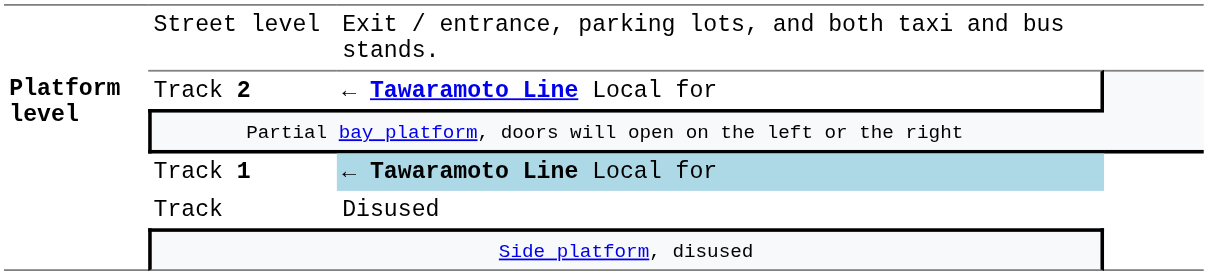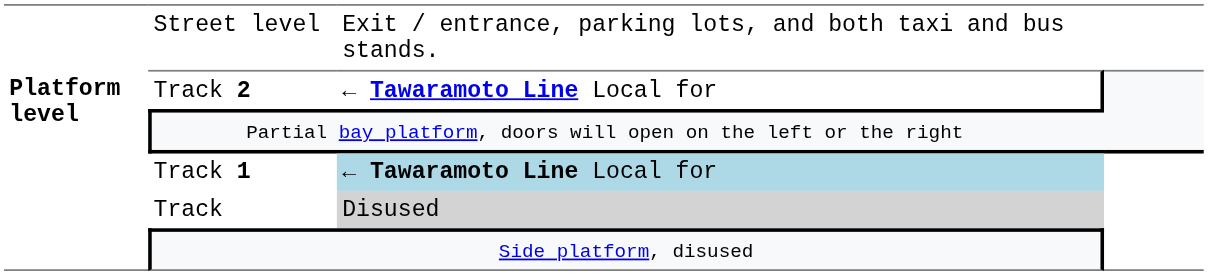 <table border=0 cellspacing=0 cellpadding=3>
 <tr>
 <td style="border-top: 1px solid gray;" width=75></td>
 <td style="border-top: 1px solid gray;" width=100 valign=top>Street level</td>
 <td style="border-top: 1px solid gray;" width=425 valign=top>Exit / entrance, parking lots, and both taxi and bus stands.</td>
 <td style="border-top: 1px solid gray;" width=50></td>
 </tr>
 <tr>
 <td style="border-bottom: 1px solid gray;" rowspan=5 valign=top><strong>Platform level</strong></td>
 <td style="border-top: 1px solid gray;">Track <strong>2</strong></td>
 <td style="border-top: 1px solid gray; border-right: 2px solid black;">←  <strong><a href='#'>Tawaramoto Line</a></strong>  Local for </td>
 <td style="border-top: 1px solid gray; background-color:#f8f9fa;"></td>
 </tr>
 <tr>
 <td style="border-top: 2px solid black; border-left: 2px solid black; border-bottom: 2px solid black; background-color:#f8f9fa;text-align:center;" colspan=2><small>Partial <a href='#'>bay platform</a>, doors will open on the left or the right    </small></td>
 <td style="border-bottom: 2px solid black; background-color:#f8f9fa;" width=50></td>
 </tr>
 <tr>
 <td style="">Track <strong>1</strong></td>
 <td style="background: lightblue; ">←  <strong>Tawaramoto Line</strong>  Local for </td>
 </tr>
 <tr>
 <td style="">Track</td>
-<td style="">Disused</td>
+<td style="background: lightgrey; ">Disused</td>
 </tr>
 <tr>
 <td style="border-top: 2px solid black; border-right: 2px solid black; border-left: 2px solid black; border-bottom: 1px solid gray; background-color:#f8f9fa;text-align:center;" colspan=2><small><a href='#'>Side platform</a>, disused</small></td>
 <td style="border-bottom: 1px solid gray;"></td>
 </tr>
 </table>
